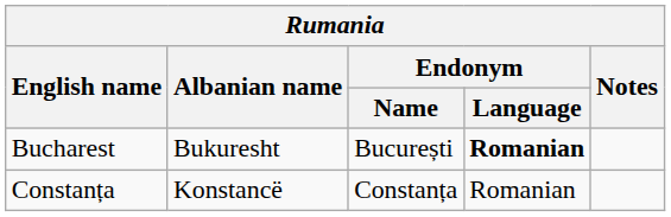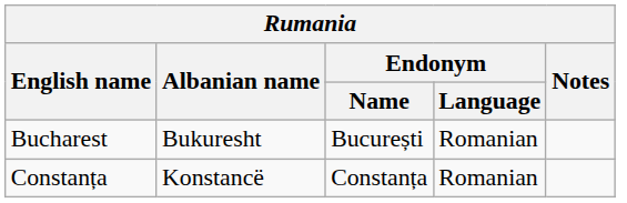 <table class="wikitable sortable">
 <tr>
 <th colspan="5"> <em>Rumania</em></th>
 </tr>
 <tr>
 <th rowspan="2">English name</th>
 <th rowspan="2">Albanian name</th>
 <th colspan="2">Endonym</th>
 <th rowspan="2">Notes</th>
 </tr>
 <tr>
 <th>Name</th>
 <th>Language</th>
 </tr>
 <tr>
 <td>Bucharest</td>
 <td>Bukuresht</td>
 <td>București</td>
-<td><strong>Romanian</strong></td>
+<td>Romanian</td>
 <td></td>
 </tr>
 <tr>
 <td>Constanța</td>
 <td>Konstancë</td>
 <td>Constanța</td>
 <td>Romanian</td>
 <td></td>
 </tr>
 </table>
